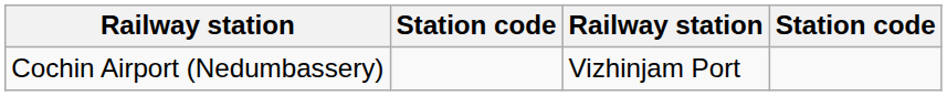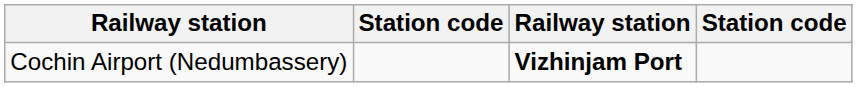 <table class="wikitable sortable">
 <tr>
 <th>Railway station</th>
 <th>Station code</th>
 <th>Railway station</th>
 <th>Station code</th>
 </tr>
 <tr>
 <td>Cochin Airport (Nedumbassery)</td>
 <td></td>
-<td>Vizhinjam Port</td>
+<td><strong>Vizhinjam Port</strong></td>
 <td></td>
 </tr>
 </table>
